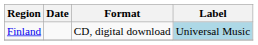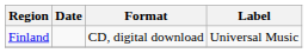 <table class=wikitable>
 <tr>
 <th>Region</th>
 <th>Date</th>
 <th>Format</th>
 <th>Label</th>
 </tr>
 <tr>
 <td><a href='#'>Finland</a></td>
 <td></td>
 <td>CD, digital download</td>
-<td style="background: lightblue;">Universal Music</td>
+<td>Universal Music</td>
 </tr>
 <tr>
 </tr>
 </table>
